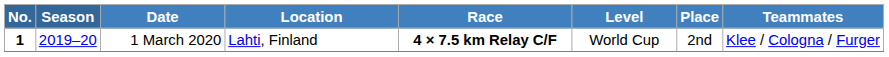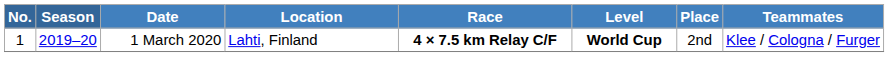 <table class="wikitable sortable" style="font-size:95%; text-align:center; border:grey solid 1px; border-collapse:collapse; background:#ffffff;">
 <tr style="background:#efefef;">
 <th style="background-color:#369; color:white;">No.</th>
 <th style="background-color:#369; color:white;">Season</th>
 <th style="background-color:#4180be; color:white; width:120px;">Date</th>
 <th style="background-color:#4180be; color:white; width:170px;">Location</th>
 <th style="background-color:#4180be; color:white; width:170px;">Race</th>
 <th style="background-color:#4180be; color:white; width:100px;">Level</th>
 <th style="background-color:#4180be; color:white;">Place</th>
 <th style="background-color:#4180be; color:white;">Teammates</th>
 </tr>
 <tr>
-<td align=center><strong>1</strong></td>
+<td align=center>1</td>
 <td rowspan=1 align=center><a href='#'>2019–20</a></td>
 <td align=right>1 March 2020</td>
 <td align=left> <a href='#'>Lahti</a>, Finland</td>
 <td><strong>4 × 7.5 km Relay C/F</strong></td>
-<td>World Cup</td>
+<td><strong>World Cup</strong></td>
 <td>2nd</td>
 <td><a href='#'>Klee</a> / <a href='#'>Cologna</a> / <a href='#'>Furger</a></td>
 </tr>
 <tr>
 </tr>
 </table>
